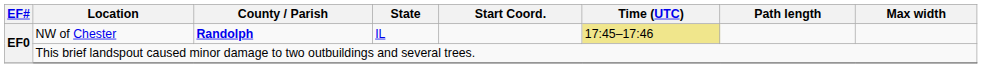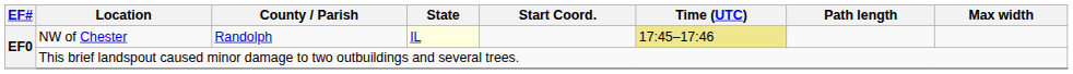 <table class="wikitable sortable" style="width:100%;">
 <tr>
 <th scope="col" width="2%" align="center"><a href='#'>EF#</a></th>
 <th scope="col" align="center" class="unsortable">Location</th>
 <th scope="col" align="center" class="unsortable">County / Parish</th>
 <th scope="col" align="center">State</th>
 <th scope="col" align="center">Start Coord.</th>
 <th scope="col" align="center">Time (<a href='#'>UTC</a>)</th>
 <th scope="col" align="center">Path length</th>
 <th scope="col" align="center">Max width</th>
 </tr>
 <tr>
 <th scope="row" rowspan="2" style="background-color:#">EF0</th>
 <td>NW of <a href='#'>Chester</a></td>
-<td><strong><a href='#'>Randolph</a></strong></td>
-<td><a href='#'>IL</a></td>
+<td><a href='#'>Randolph</a></td>
+<td style="background: lightyellow;"><a href='#'>IL</a></td>
 <td></td>
 <td style="background: khaki;">17:45–17:46</td>
 <td></td>
 <td></td>
 </tr>
 <tr class="expand-child">
 <td colspan="8" style=" border-bottom: 1px solid black;">This brief landspout caused minor damage to two outbuildings and several trees.</td>
 </tr>
 <tr>
 </tr>
 </table>
